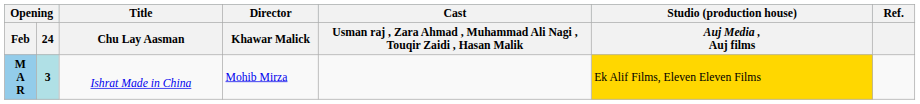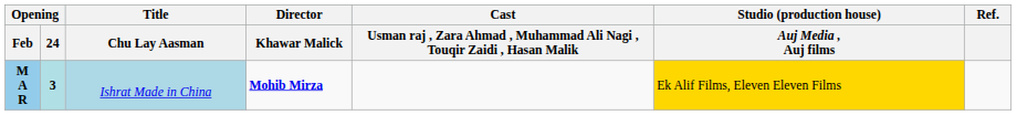 <table class="wikitable">
 <tr style="background:#b0e0e6; text-align:center;">
 <th colspan="2" style="width:6%;"><strong>Opening</strong></th>
 <th style="width:18%;"><strong>Title</strong></th>
 <th style="width:10.5%;"><strong>Director</strong></th>
 <th style="width:30%;"><strong>Cast</strong></th>
 <th>Studio (production house)</th>
 <th>Ref.</th>
 </tr>
 <tr>
 <th>Feb</th>
 <th>24</th>
 <th>Chu Lay Aasman</th>
 <th>Khawar Malick</th>
 <th>Usman raj , Zara Ahmad , Muhammad Ali Nagi , Touqir Zaidi , Hasan Malik</th>
 <th><em>Auj Media ,</em><br>Auj films</th>
 <th></th>
 </tr>
 <tr October>
 <td rowspan="1" style="text-align:center; background:#93CCEA; textcolor:#000;"><strong>M<br>A<br>R</strong></td>
 <td style="text-align:center;background:#B0E0E6;"><strong>3</strong></td>
-<td style="text-align:center;"><br><em><a href='#'>Ishrat Made in China</a></em></td>
-<td><a href='#'>Mohib Mirza</a></td>
+<td style="background: lightblue; text-align:center;"><br><em><a href='#'>Ishrat Made in China</a></em></td>
+<td><strong><a href='#'>Mohib Mirza</a></strong></td>
 <td></td>
 <td style="background: gold;">Ek Alif Films, Eleven Eleven Films</td>
 <td></td>
 </tr>
 </table>
